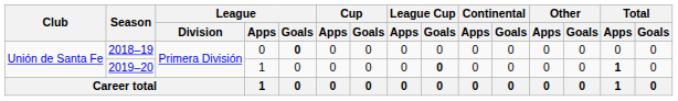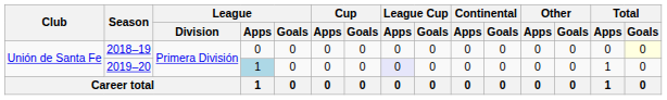 <table class="wikitable" style="text-align:center">
 <tr>
 <th rowspan="2">Club</th>
 <th rowspan="2">Season</th>
 <th colspan="3">League</th>
 <th colspan="2">Cup</th>
 <th colspan="2">League Cup</th>
 <th colspan="2">Continental</th>
 <th colspan="2">Other</th>
 <th colspan="2">Total</th>
 </tr>
 <tr>
 <th>Division</th>
 <th>Apps</th>
 <th>Goals</th>
 <th>Apps</th>
 <th>Goals</th>
 <th>Apps</th>
 <th>Goals</th>
 <th>Apps</th>
 <th>Goals</th>
 <th>Apps</th>
 <th>Goals</th>
 <th>Apps</th>
 <th>Goals</th>
 </tr>
 <tr>
 <td rowspan="2"><a href='#'>Unión de Santa Fe</a></td>
 <td><a href='#'>2018–19</a></td>
 <td rowspan="2"><a href='#'>Primera División</a></td>
 <td>0</td>
-<td><strong>0</strong></td>
 <td>0</td>
 <td>0</td>
 <td>0</td>
 <td>0</td>
 <td>0</td>
 <td>0</td>
 <td>0</td>
 <td>0</td>
 <td>0</td>
 <td>0</td>
+<td style="background: lightyellow;">0</td>
 </tr>
 <tr>
 <td><a href='#'>2019–20</a></td>
-<td>1</td>
+<td style="background: lightblue;">1</td>
+<td>0</td>
+<td>0</td>
+<td>0</td>
+<td style="background: lavender;">0</td>
 <td>0</td>
 <td>0</td>
 <td>0</td>
 <td>0</td>
-<td><strong>0</strong></td>
 <td>0</td>
-<td>0</td>
-<td>0</td>
-<td>0</td>
-<td><strong>1</strong></td>
+<td>1</td>
 <td>0</td>
 </tr>
 <tr>
 <th colspan="3">Career total</th>
 <th>1</th>
 <th>0</th>
 <th>0</th>
 <th>0</th>
 <th>0</th>
 <th>0</th>
 <th>0</th>
 <th>0</th>
 <th>0</th>
 <th>0</th>
 <th>1</th>
 <th>0</th>
 </tr>
 </table>
